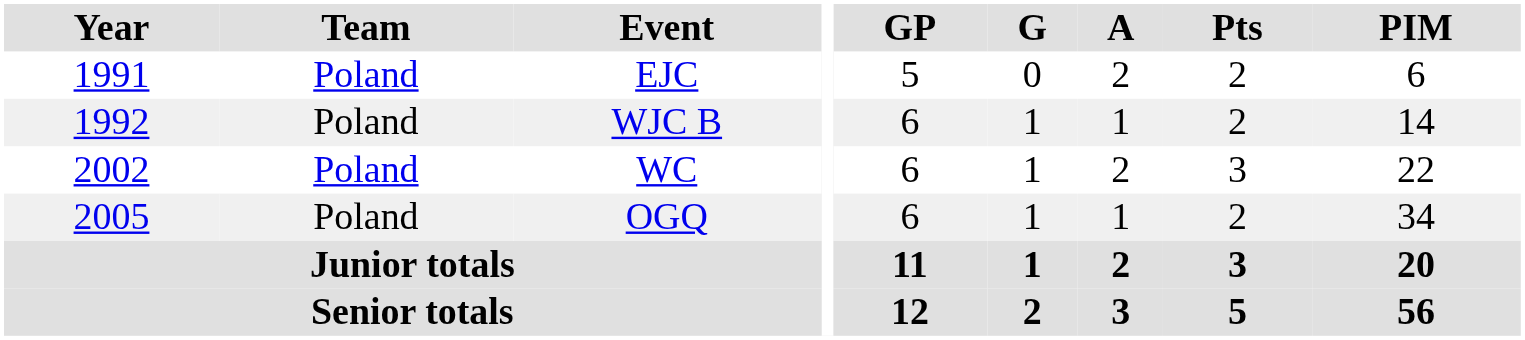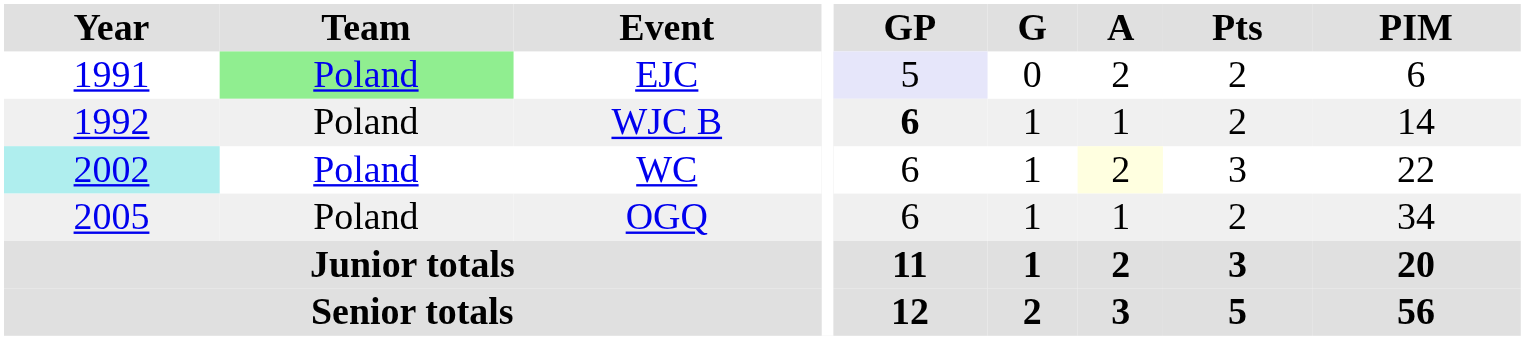 <table border="0" cellpadding="1" cellspacing="0" ID="Table3" style="text-align:center; width:40em">
 <tr ALIGN="center" bgcolor="#e0e0e0">
 <th>Year</th>
 <th>Team</th>
 <th>Event</th>
 <th rowspan="99" bgcolor="#ffffff"></th>
 <th>GP</th>
 <th>G</th>
 <th>A</th>
 <th>Pts</th>
 <th>PIM</th>
 </tr>
 <tr>
 </tr>
 <tr>
 <td><a href='#'>1991</a></td>
-<td><a href='#'>Poland</a></td>
+<td style="background: lightgreen;"><a href='#'>Poland</a></td>
 <td><a href='#'>EJC</a></td>
-<td>5</td>
+<td style="background: lavender;">5</td>
 <td>0</td>
 <td>2</td>
 <td>2</td>
 <td>6</td>
 </tr>
 <tr bgcolor="#f0f0f0">
 <td><a href='#'>1992</a></td>
 <td>Poland</td>
 <td><a href='#'>WJC B</a></td>
-<td>6</td>
+<td><strong>6</strong></td>
 <td>1</td>
 <td>1</td>
 <td>2</td>
 <td>14</td>
 </tr>
 <tr>
-<td><a href='#'>2002</a></td>
+<td style="background: paleturquoise;"><a href='#'>2002</a></td>
 <td><a href='#'>Poland</a></td>
 <td><a href='#'>WC</a></td>
 <td>6</td>
 <td>1</td>
-<td>2</td>
+<td style="background: lightyellow;">2</td>
 <td>3</td>
 <td>22</td>
 </tr>
 <tr bgcolor="#f0f0f0">
 <td><a href='#'>2005</a></td>
 <td>Poland</td>
 <td><a href='#'>OGQ</a></td>
 <td>6</td>
 <td>1</td>
 <td>1</td>
 <td>2</td>
 <td>34</td>
 </tr>
 <tr bgcolor="#e0e0e0">
 <th colspan="3">Junior totals</th>
 <th>11</th>
 <th>1</th>
 <th>2</th>
 <th>3</th>
 <th>20</th>
 </tr>
 <tr bgcolor="#e0e0e0">
 <th colspan="3">Senior totals</th>
 <th>12</th>
 <th>2</th>
 <th>3</th>
 <th>5</th>
 <th>56</th>
 </tr>
 </table>
